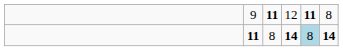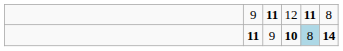 <table class="wikitable">
 <tr>
 <td style="width:18em"></td>
 <td align=center style="width:1em">9</td>
 <td align=center style="width:1em"><strong>11</strong></td>
 <td align=center style="width:1em">12</td>
 <td align=center style="width:1em"><strong>11</strong></td>
 <td align=center style="width:1em">8</td>
 </tr>
 <tr>
 <td style="width:18em"></td>
 <td align=center style="width:1em"><strong>11</strong></td>
-<td align=center style="width:1em">8</td>
-<td align=center style="width:1em"><strong>14</strong></td>
+<td align=center style="width:1em">9</td>
+<td align=center style="width:1em"><strong>10</strong></td>
 <td align=center style="background: lightblue; width:1em">8</td>
 <td align=center style="width:1em"><strong>14</strong></td>
 </tr>
 </table>
